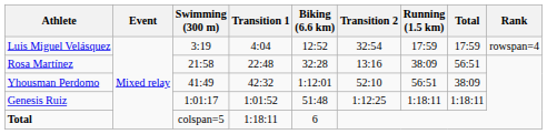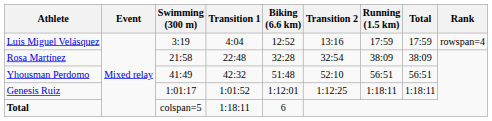 <table class=wikitable style=font-size:90%;text-align:center>
 <tr>
 <th>Athlete</th>
 <th>Event</th>
 <th>Swimming<br><span>(300 m)</span></th>
 <th>Transition 1</th>
 <th>Biking<br><span>(6.6 km)</span></th>
 <th>Transition 2</th>
 <th>Running<br><span>(1.5 km)</span></th>
 <th>Total</th>
 <th>Rank</th>
 </tr>
 <tr>
 <td align=left><a href='#'>Luis Miguel Velásquez</a></td>
 <td align=left rowspan=5><a href='#'>Mixed relay</a></td>
 <td>3:19</td>
 <td>4:04</td>
 <td>12:52</td>
-<td>32:54</td>
+<td>13:16</td>
 <td>17:59</td>
 <td>17:59</td>
 <td>rowspan=4 </td>
 </tr>
 <tr>
 <td align=left><a href='#'>Rosa Martínez</a></td>
 <td>21:58</td>
 <td>22:48</td>
 <td>32:28</td>
-<td>13:16</td>
+<td>32:54</td>
 <td>38:09</td>
-<td>56:51</td>
+<td>38:09</td>
 </tr>
 <tr>
 <td align=left><a href='#'>Yhousman Perdomo</a></td>
 <td>41:49</td>
 <td>42:32</td>
-<td>1:12:01</td>
+<td>51:48</td>
 <td>52:10</td>
 <td>56:51</td>
-<td>38:09</td>
+<td>56:51</td>
 </tr>
 <tr>
 <td align=left><a href='#'>Genesis Ruiz</a></td>
 <td>1:01:17</td>
 <td>1:01:52</td>
-<td>51:48</td>
+<td>1:12:01</td>
 <td>1:12:25</td>
 <td>1:18:11</td>
 <td>1:18:11</td>
 </tr>
 <tr>
 <td align=left><strong>Total</strong></td>
 <td>colspan=5 </td>
 <td>1:18:11</td>
 <td>6</td>
 </tr>
 </table>
